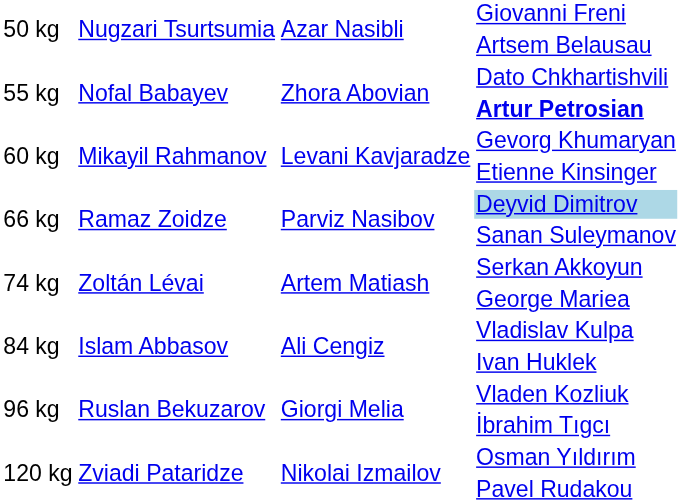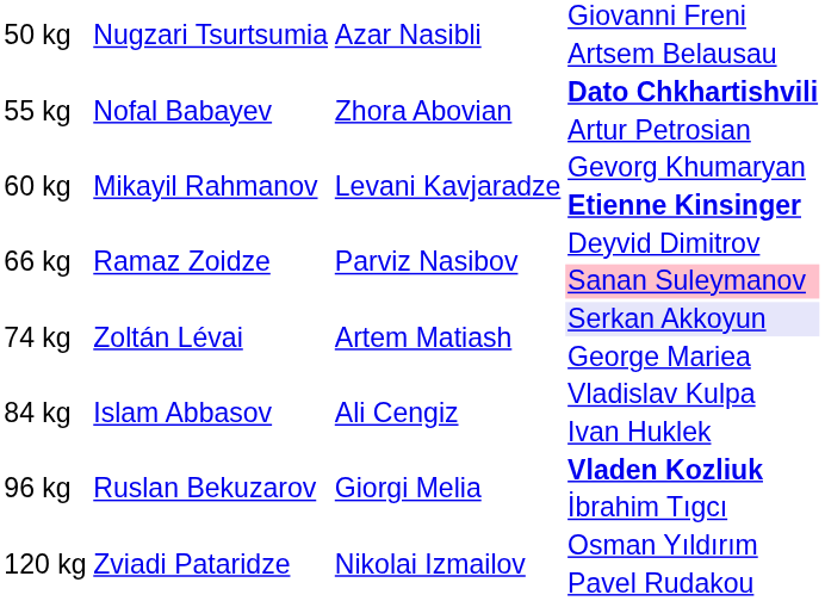 <table>
 <tr>
 <td rowspan=2>50 kg</td>
 <td rowspan=2> <a href='#'>Nugzari Tsurtsumia</a></td>
 <td rowspan=2> <a href='#'>Azar Nasibli</a></td>
 <td> <a href='#'>Giovanni Freni</a></td>
 </tr>
 <tr>
 <td> <a href='#'>Artsem Belausau</a></td>
 </tr>
 <tr>
 <td rowspan=2>55 kg</td>
 <td rowspan=2> <a href='#'>Nofal Babayev</a></td>
 <td rowspan=2> <a href='#'>Zhora Abovian</a></td>
-<td> <a href='#'>Dato Chkhartishvili</a></td>
+<td><strong> <a href='#'>Dato Chkhartishvili</a></strong></td>
 </tr>
 <tr>
-<td><strong> <a href='#'>Artur Petrosian</a></strong></td>
+<td> <a href='#'>Artur Petrosian</a></td>
 </tr>
 <tr>
 <td rowspan=2>60 kg</td>
 <td rowspan=2> <a href='#'>Mikayil Rahmanov</a></td>
 <td rowspan=2> <a href='#'>Levani Kavjaradze</a></td>
 <td> <a href='#'>Gevorg Khumaryan</a></td>
 </tr>
 <tr>
-<td> <a href='#'>Etienne Kinsinger</a></td>
+<td><strong> <a href='#'>Etienne Kinsinger</a></strong></td>
 </tr>
 <tr>
 <td rowspan=2>66 kg</td>
 <td rowspan=2> <a href='#'>Ramaz Zoidze</a></td>
 <td rowspan=2> <a href='#'>Parviz Nasibov</a></td>
-<td style="background: lightblue;"> <a href='#'>Deyvid Dimitrov</a></td>
+<td> <a href='#'>Deyvid Dimitrov</a></td>
 </tr>
 <tr>
-<td> <a href='#'>Sanan Suleymanov</a></td>
+<td style="background: pink;"> <a href='#'>Sanan Suleymanov</a></td>
 </tr>
 <tr>
 <td rowspan=2>74 kg</td>
 <td rowspan=2> <a href='#'>Zoltán Lévai</a></td>
 <td rowspan=2> <a href='#'>Artem Matiash</a></td>
-<td> <a href='#'>Serkan Akkoyun</a></td>
+<td style="background: lavender;"> <a href='#'>Serkan Akkoyun</a></td>
 </tr>
 <tr>
 <td> <a href='#'>George Mariea</a></td>
 </tr>
 <tr>
 <td rowspan=2>84 kg</td>
 <td rowspan=2> <a href='#'>Islam Abbasov</a></td>
 <td rowspan=2> <a href='#'>Ali Cengiz</a></td>
 <td> <a href='#'>Vladislav Kulpa</a></td>
 </tr>
 <tr>
 <td> <a href='#'>Ivan Huklek</a></td>
 </tr>
 <tr>
 <td rowspan=2>96 kg</td>
 <td rowspan=2> <a href='#'>Ruslan Bekuzarov</a></td>
 <td rowspan=2> <a href='#'>Giorgi Melia</a></td>
-<td> <a href='#'>Vladen Kozliuk</a></td>
+<td><strong> <a href='#'>Vladen Kozliuk</a></strong></td>
 </tr>
 <tr>
 <td> <a href='#'>İbrahim Tıgcı</a></td>
 </tr>
 <tr>
 <td rowspan=2>120 kg</td>
 <td rowspan=2> <a href='#'>Zviadi Pataridze</a></td>
 <td rowspan=2> <a href='#'>Nikolai Izmailov</a></td>
 <td> <a href='#'>Osman Yıldırım</a></td>
 </tr>
 <tr>
 <td> <a href='#'>Pavel Rudakou</a></td>
 </tr>
 </table>
